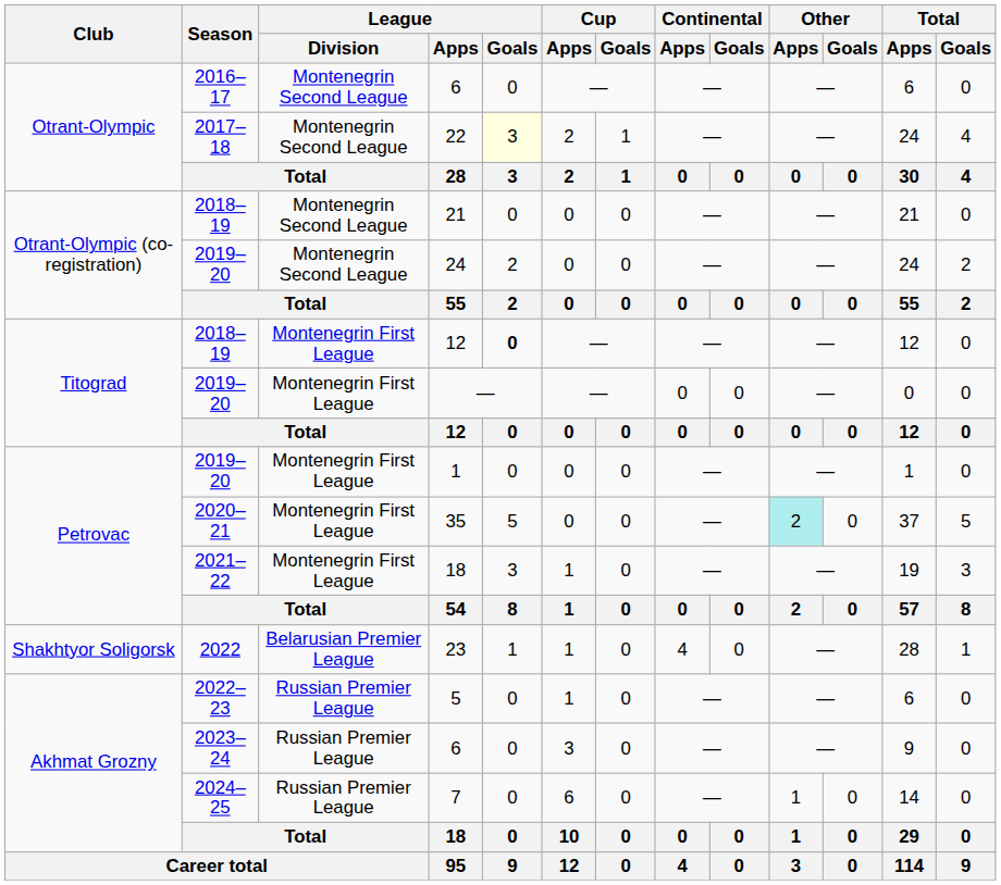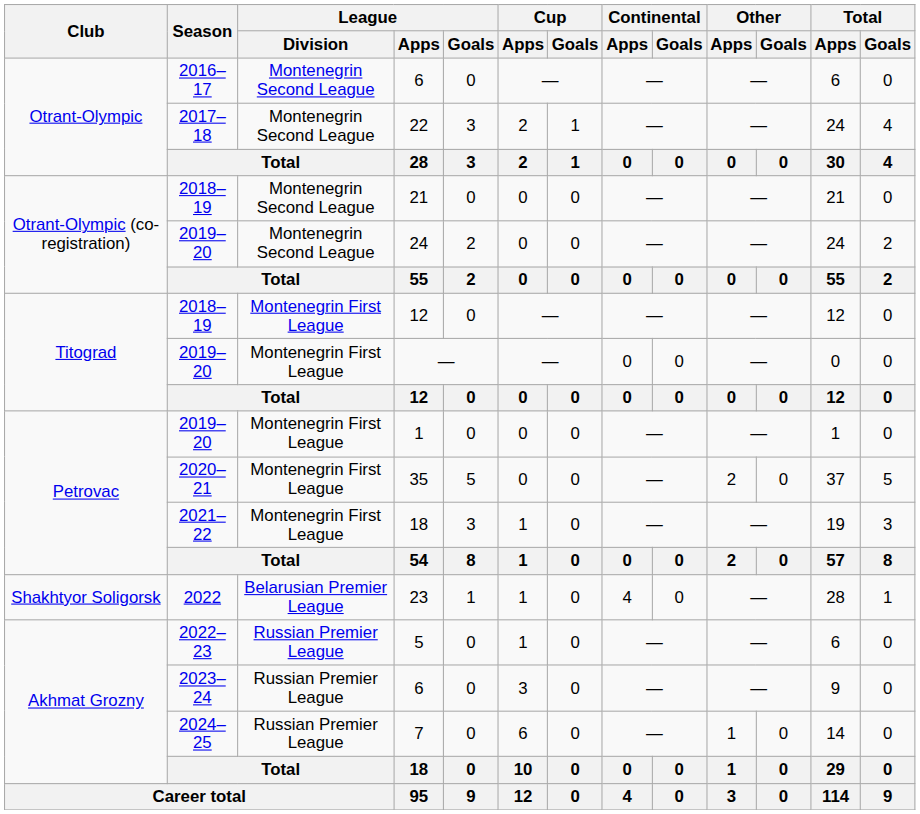 <table class="wikitable" style="text-align: center;">
 <tr>
 <th rowspan="2">Club</th>
 <th rowspan="2">Season</th>
 <th colspan="3">League</th>
 <th colspan="2">Cup</th>
 <th colspan="2">Continental</th>
 <th colspan="2">Other</th>
 <th colspan="2">Total</th>
 </tr>
 <tr>
 <th>Division</th>
 <th>Apps</th>
 <th>Goals</th>
 <th>Apps</th>
 <th>Goals</th>
 <th>Apps</th>
 <th>Goals</th>
 <th>Apps</th>
 <th>Goals</th>
 <th>Apps</th>
 <th>Goals</th>
 </tr>
 <tr>
 <td rowspan="3"><a href='#'>Otrant-Olympic</a></td>
 <td><a href='#'>2016–17</a></td>
 <td><a href='#'>Montenegrin Second League</a></td>
 <td>6</td>
 <td>0</td>
 <td colspan="2">—</td>
 <td colspan="2">—</td>
 <td colspan="2">—</td>
 <td>6</td>
 <td>0</td>
 </tr>
 <tr>
 <td><a href='#'>2017–18</a></td>
 <td>Montenegrin Second League</td>
 <td>22</td>
-<td style="background: lightyellow;">3</td>
+<td>3</td>
 <td>2</td>
 <td>1</td>
 <td colspan="2">—</td>
 <td colspan="2">—</td>
 <td>24</td>
 <td>4</td>
 </tr>
 <tr>
 <th colspan=2>Total</th>
 <th>28</th>
 <th>3</th>
 <th>2</th>
 <th>1</th>
 <th>0</th>
 <th>0</th>
 <th>0</th>
 <th>0</th>
 <th>30</th>
 <th>4</th>
 </tr>
 <tr>
 <td rowspan="3"><a href='#'>Otrant-Olympic</a> (co-registration)</td>
 <td><a href='#'>2018–19</a></td>
 <td>Montenegrin Second League</td>
 <td>21</td>
 <td>0</td>
 <td>0</td>
 <td>0</td>
 <td colspan="2">—</td>
 <td colspan="2">—</td>
 <td>21</td>
 <td>0</td>
 </tr>
 <tr>
 <td><a href='#'>2019–20</a></td>
 <td>Montenegrin Second League</td>
 <td>24</td>
 <td>2</td>
 <td>0</td>
 <td>0</td>
 <td colspan="2">—</td>
 <td colspan="2">—</td>
 <td>24</td>
 <td>2</td>
 </tr>
 <tr>
 <th colspan=2>Total</th>
 <th>55</th>
 <th>2</th>
 <th>0</th>
 <th>0</th>
 <th>0</th>
 <th>0</th>
 <th>0</th>
 <th>0</th>
 <th>55</th>
 <th>2</th>
 </tr>
 <tr>
 <td rowspan="3"><a href='#'>Titograd</a></td>
 <td><a href='#'>2018–19</a></td>
 <td><a href='#'>Montenegrin First League</a></td>
 <td>12</td>
-<td><strong>0</strong></td>
+<td>0</td>
 <td colspan="2">—</td>
 <td colspan="2">—</td>
 <td colspan="2">—</td>
 <td>12</td>
 <td>0</td>
 </tr>
 <tr>
 <td><a href='#'>2019–20</a></td>
 <td>Montenegrin First League</td>
 <td colspan="2">—</td>
 <td colspan="2">—</td>
 <td>0</td>
 <td>0</td>
 <td colspan="2">—</td>
 <td>0</td>
 <td>0</td>
 </tr>
 <tr>
 <th colspan=2>Total</th>
 <th>12</th>
 <th>0</th>
 <th>0</th>
 <th>0</th>
 <th>0</th>
 <th>0</th>
 <th>0</th>
 <th>0</th>
 <th>12</th>
 <th>0</th>
 </tr>
 <tr>
 <td rowspan="4"><a href='#'>Petrovac</a></td>
 <td><a href='#'>2019–20</a></td>
 <td>Montenegrin First League</td>
 <td>1</td>
 <td>0</td>
 <td>0</td>
 <td>0</td>
 <td colspan="2">—</td>
 <td colspan="2">—</td>
 <td>1</td>
 <td>0</td>
 </tr>
 <tr>
 <td><a href='#'>2020–21</a></td>
 <td>Montenegrin First League</td>
 <td>35</td>
 <td>5</td>
 <td>0</td>
 <td>0</td>
 <td colspan="2">—</td>
-<td style="background: paleturquoise;">2</td>
+<td>2</td>
 <td>0</td>
 <td>37</td>
 <td>5</td>
 </tr>
 <tr>
 <td><a href='#'>2021–22</a></td>
 <td>Montenegrin First League</td>
 <td>18</td>
 <td>3</td>
 <td>1</td>
 <td>0</td>
 <td colspan="2">—</td>
 <td colspan="2">—</td>
 <td>19</td>
 <td>3</td>
 </tr>
 <tr>
 <th colspan=2>Total</th>
 <th>54</th>
 <th>8</th>
 <th>1</th>
 <th>0</th>
 <th>0</th>
 <th>0</th>
 <th>2</th>
 <th>0</th>
 <th>57</th>
 <th>8</th>
 </tr>
 <tr>
 <td><a href='#'>Shakhtyor Soligorsk</a></td>
 <td><a href='#'>2022</a></td>
 <td><a href='#'>Belarusian Premier League</a></td>
 <td>23</td>
 <td>1</td>
 <td>1</td>
 <td>0</td>
 <td>4</td>
 <td>0</td>
 <td colspan="2">—</td>
 <td>28</td>
 <td>1</td>
 </tr>
 <tr>
 <td rowspan="4"><a href='#'>Akhmat Grozny</a></td>
 <td><a href='#'>2022–23</a></td>
 <td><a href='#'>Russian Premier League</a></td>
 <td>5</td>
 <td>0</td>
 <td>1</td>
 <td>0</td>
 <td colspan="2">—</td>
 <td colspan="2">—</td>
 <td>6</td>
 <td>0</td>
 </tr>
 <tr>
 <td><a href='#'>2023–24</a></td>
 <td>Russian Premier League</td>
 <td>6</td>
 <td>0</td>
 <td>3</td>
 <td>0</td>
 <td colspan="2">—</td>
 <td colspan="2">—</td>
 <td>9</td>
 <td>0</td>
 </tr>
 <tr>
 <td><a href='#'>2024–25</a></td>
 <td>Russian Premier League</td>
 <td>7</td>
 <td>0</td>
 <td>6</td>
 <td>0</td>
 <td colspan="2">—</td>
 <td>1</td>
 <td>0</td>
 <td>14</td>
 <td>0</td>
 </tr>
 <tr>
 <th colspan="2">Total</th>
 <th>18</th>
 <th>0</th>
 <th>10</th>
 <th>0</th>
 <th>0</th>
 <th>0</th>
 <th>1</th>
 <th>0</th>
 <th>29</th>
 <th>0</th>
 </tr>
 <tr>
 <th colspan="3">Career total</th>
 <th>95</th>
 <th>9</th>
 <th>12</th>
 <th>0</th>
 <th>4</th>
 <th>0</th>
 <th>3</th>
 <th>0</th>
 <th>114</th>
 <th>9</th>
 </tr>
 </table>
